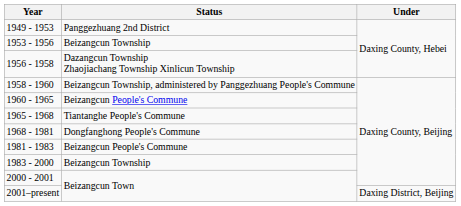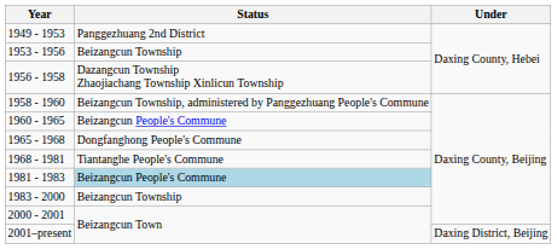 <table class="wikitable">
 <tr>
 <th>Year</th>
 <th>Status</th>
 <th>Under</th>
 </tr>
 <tr>
 <td>1949 - 1953</td>
 <td>Panggezhuang 2nd District</td>
 <td rowspan="3">Daxing County, Hebei</td>
 </tr>
 <tr>
 <td>1953 - 1956</td>
 <td>Beizangcun Township</td>
 </tr>
 <tr>
 <td>1956 - 1958</td>
 <td>Dazangcun Township<br>Zhaojiachang Township Xinlicun Township</td>
 </tr>
 <tr>
 <td>1958 - 1960</td>
 <td>Beizangcun Township, administered by Panggezhuang People's Commune</td>
 <td rowspan="7">Daxing County, Beijing</td>
 </tr>
 <tr>
 <td>1960 - 1965</td>
 <td>Beizangcun <a href='#'>People's Commune</a></td>
 </tr>
 <tr>
 <td>1965 - 1968</td>
+<td>Dongfanghong People's Commune</td>
+</tr>
+<tr>
+<td>1968 - 1981</td>
 <td>Tiantanghe People's Commune</td>
 </tr>
 <tr>
-<td>1968 - 1981</td>
-<td>Dongfanghong People's Commune</td>
-</tr>
-<tr>
 <td>1981 - 1983</td>
-<td>Beizangcun People's Commune</td>
+<td style="background: lightblue;">Beizangcun People's Commune</td>
 </tr>
 <tr>
 <td>1983 - 2000</td>
 <td>Beizangcun Township</td>
 </tr>
 <tr>
 <td>2000 - 2001</td>
 <td rowspan="2">Beizangcun Town</td>
 </tr>
 <tr>
 <td>2001–present</td>
 <td>Daxing District, Beijing</td>
 </tr>
 </table>
